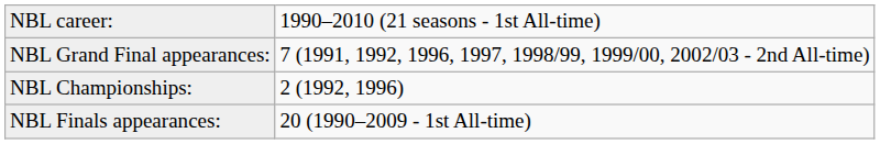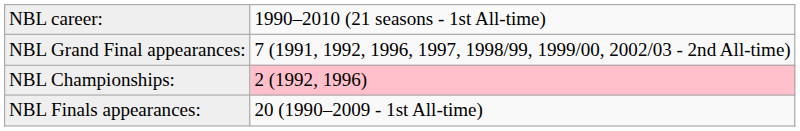 <table class="wikitable">
 <tr align=left>
 <td style="background:#efefef;">NBL career:</td>
 <td>1990–2010 (21 seasons - 1st All-time)</td>
 </tr>
 <tr align=left>
 <td style="background:#efefef;">NBL Grand Final appearances:</td>
 <td>7 (1991, 1992, 1996, 1997, 1998/99, 1999/00, 2002/03 - 2nd All-time)</td>
 </tr>
 <tr align=left>
 <td style="background:#efefef;">NBL Championships:</td>
-<td>2 (1992, 1996)</td>
+<td style="background: pink;">2 (1992, 1996)</td>
 </tr>
 <tr align=left>
 <td style="background:#efefef;">NBL Finals appearances:</td>
 <td>20 (1990–2009 - 1st All-time)</td>
 </tr>
 </table>
